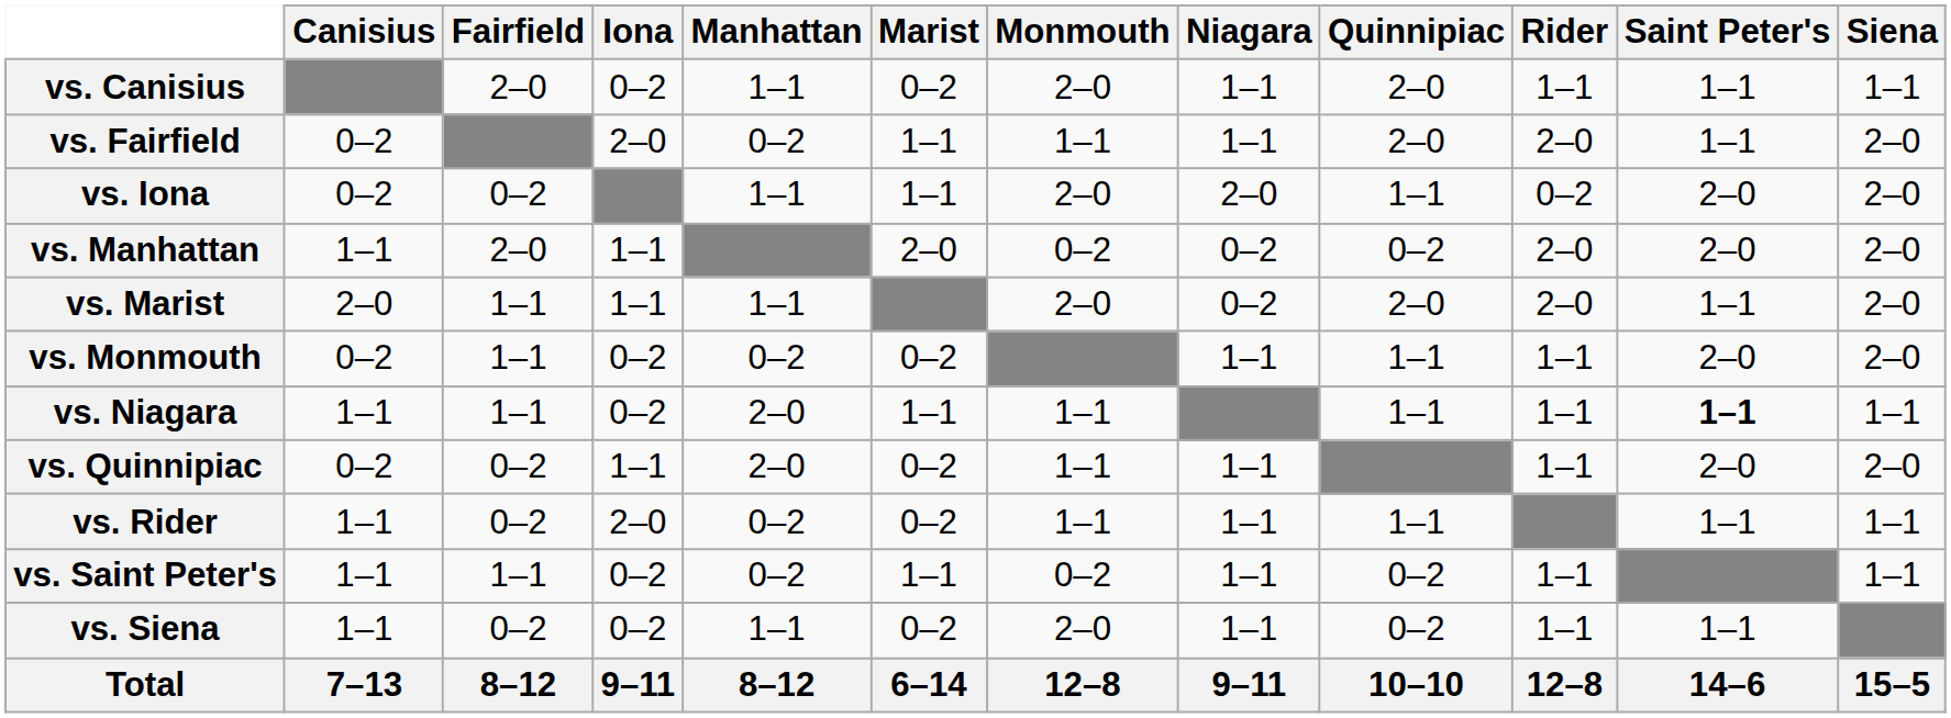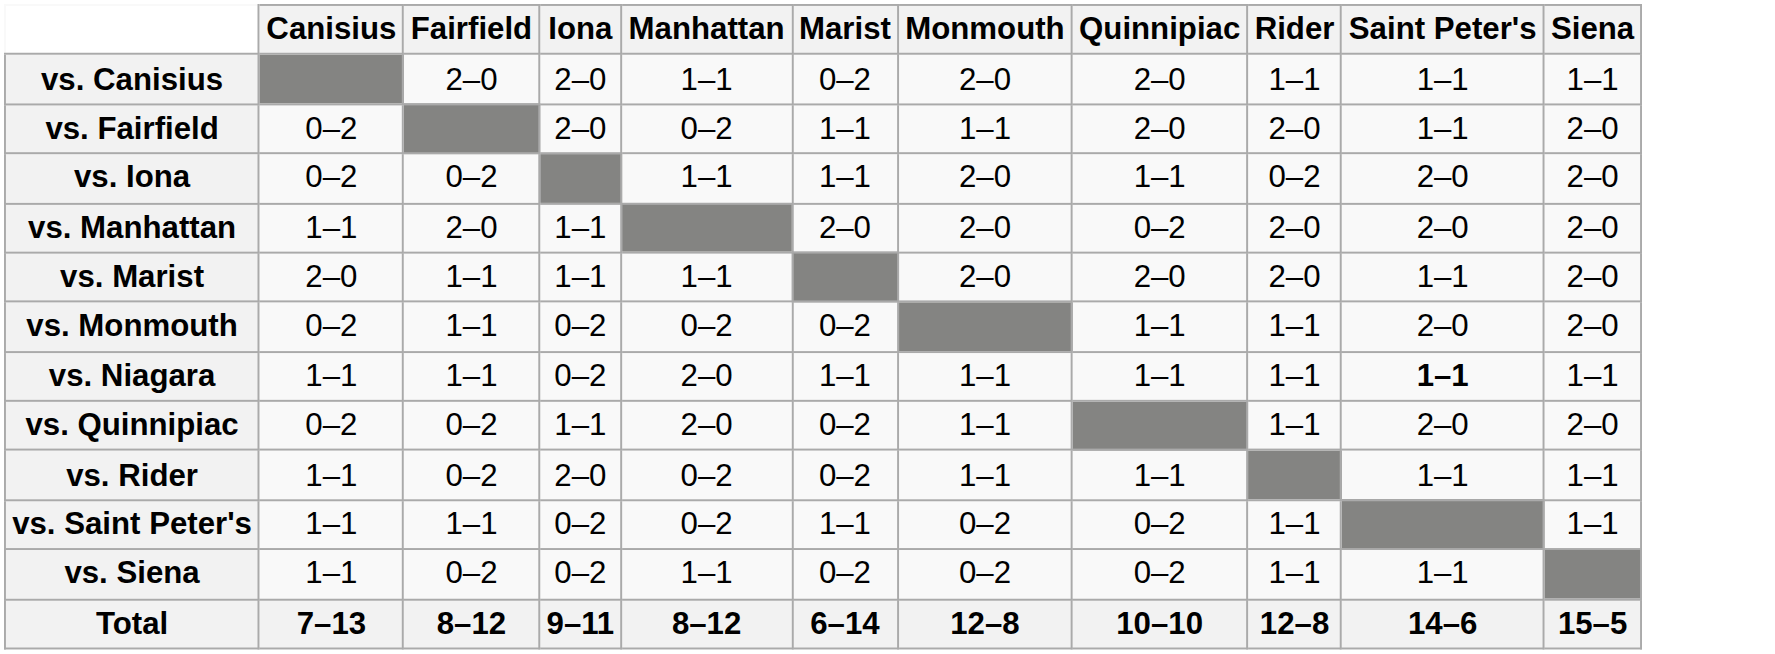 <table class="wikitable" style="white-space:nowrap;">
 <tr>
 <th colspan=1 style="background:white; border-top-style:hidden; border-left-style:hidden;"   width=75> </th>
 <th>Canisius</th>
 <th>Fairfield</th>
 <th>Iona</th>
 <th>Manhattan</th>
 <th>Marist</th>
 <th>Monmouth</th>
-<th>Niagara</th>
 <th>Quinnipiac</th>
 <th>Rider</th>
 <th>Saint Peter's</th>
 <th>Siena</th>
 </tr>
 <tr style="text-align:center;">
 <th>vs. Canisius</th>
 <td style="background:#848482;"></td>
 <td>2–0</td>
-<td>0–2</td>
+<td>2–0</td>
 <td>1–1</td>
 <td>0–2</td>
 <td>2–0</td>
-<td>1–1</td>
 <td>2–0</td>
 <td>1–1</td>
 <td>1–1</td>
 <td>1–1</td>
 </tr>
 <tr style="text-align:center;">
 <th>vs. Fairfield</th>
 <td>0–2</td>
 <td style="background:#848482;"></td>
 <td>2–0</td>
 <td>0–2</td>
-<td>1–1</td>
 <td>1–1</td>
 <td>1–1</td>
 <td>2–0</td>
 <td>2–0</td>
 <td>1–1</td>
 <td>2–0</td>
 </tr>
 <tr style="text-align:center;">
 <th>vs. Iona</th>
 <td>0–2</td>
 <td>0–2</td>
 <td style="background:#848482;"></td>
 <td>1–1</td>
 <td>1–1</td>
 <td>2–0</td>
-<td>2–0</td>
 <td>1–1</td>
 <td>0–2</td>
 <td>2–0</td>
 <td>2–0</td>
 </tr>
 <tr style="text-align:center;">
 <th>vs. Manhattan</th>
 <td>1–1</td>
 <td>2–0</td>
 <td>1–1</td>
 <td style="background:#848482;"></td>
 <td>2–0</td>
-<td>0–2</td>
-<td>0–2</td>
+<td>2–0</td>
 <td>0–2</td>
 <td>2–0</td>
 <td>2–0</td>
 <td>2–0</td>
 </tr>
 <tr style="text-align:center;">
 <th>vs. Marist</th>
 <td>2–0</td>
 <td>1–1</td>
 <td>1–1</td>
 <td>1–1</td>
 <td style="background:#848482;"></td>
 <td>2–0</td>
-<td>0–2</td>
 <td>2–0</td>
 <td>2–0</td>
 <td>1–1</td>
 <td>2–0</td>
 </tr>
 <tr style="text-align:center;">
 <th>vs. Monmouth</th>
 <td>0–2</td>
 <td>1–1</td>
 <td>0–2</td>
 <td>0–2</td>
 <td>0–2</td>
 <td style="background:#848482;"></td>
 <td>1–1</td>
 <td>1–1</td>
-<td>1–1</td>
 <td>2–0</td>
 <td>2–0</td>
 </tr>
 <tr style="text-align:center;">
 <th>vs. Niagara</th>
 <td>1–1</td>
 <td>1–1</td>
 <td>0–2</td>
 <td>2–0</td>
 <td>1–1</td>
 <td>1–1</td>
-<td style="background:#848482;"></td>
 <td>1–1</td>
 <td>1–1</td>
 <td><strong>1–1</strong></td>
 <td>1–1</td>
 </tr>
 <tr style="text-align:center;">
 <th>vs. Quinnipiac</th>
 <td>0–2</td>
 <td>0–2</td>
 <td>1–1</td>
 <td>2–0</td>
 <td>0–2</td>
-<td>1–1</td>
 <td>1–1</td>
 <td style="background:#848482;"></td>
 <td>1–1</td>
 <td>2–0</td>
 <td>2–0</td>
 </tr>
 <tr style="text-align:center;">
 <th>vs. Rider</th>
 <td>1–1</td>
 <td>0–2</td>
 <td>2–0</td>
 <td>0–2</td>
 <td>0–2</td>
 <td>1–1</td>
 <td>1–1</td>
-<td>1–1</td>
 <td style="background:#848482;"></td>
 <td>1–1</td>
 <td>1–1</td>
 </tr>
 <tr style="text-align:center;">
 <th>vs. Saint Peter's</th>
 <td>1–1</td>
 <td>1–1</td>
 <td>0–2</td>
 <td>0–2</td>
 <td>1–1</td>
 <td>0–2</td>
-<td>1–1</td>
 <td>0–2</td>
 <td>1–1</td>
 <td style="background:#848482;"></td>
 <td>1–1</td>
 </tr>
 <tr style="text-align:center;">
 <th>vs. Siena</th>
 <td>1–1</td>
 <td>0–2</td>
 <td>0–2</td>
 <td>1–1</td>
 <td>0–2</td>
-<td>2–0</td>
-<td>1–1</td>
+<td>0–2</td>
 <td>0–2</td>
 <td>1–1</td>
 <td>1–1</td>
 <td style="background:#848482;"></td>
 </tr>
 <tr style="text-align:center;">
 <th>Total</th>
 <th>7–13</th>
 <th>8–12</th>
 <th>9–11</th>
 <th>8–12</th>
 <th>6–14</th>
 <th>12–8</th>
-<th>9–11</th>
 <th>10–10</th>
 <th>12–8</th>
 <th>14–6</th>
 <th>15–5</th>
 </tr>
 </table>
